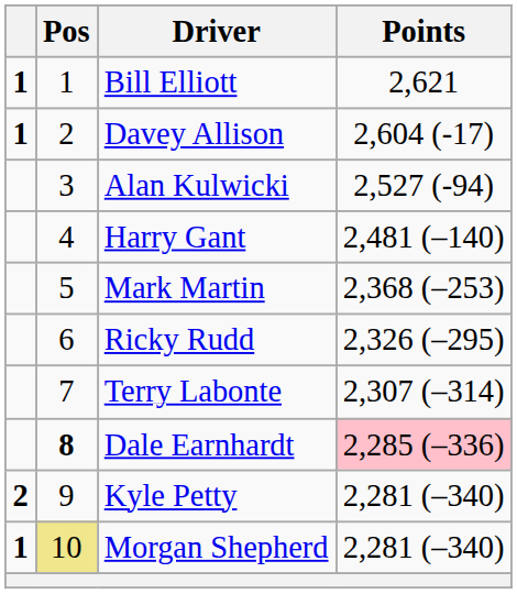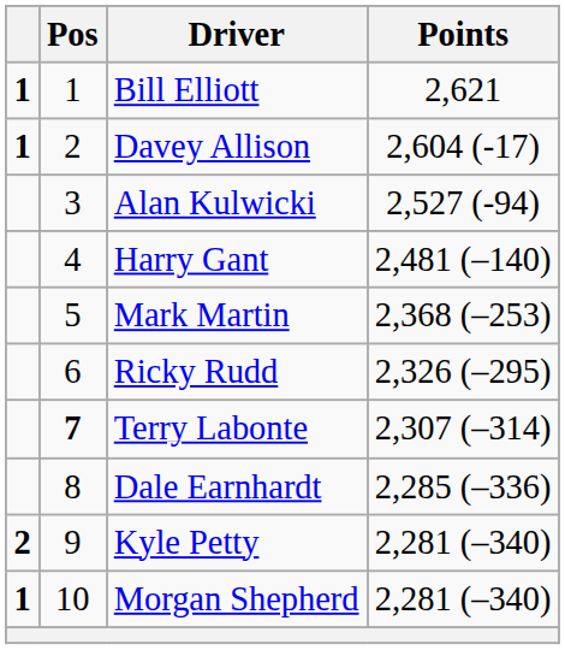 <table class="wikitable" style="font-size: 95%;">
 <tr>
 <th></th>
 <th>Pos</th>
 <th>Driver</th>
 <th>Points</th>
 </tr>
 <tr>
 <td align="left"> <strong>1</strong></td>
 <td style="text-align:center;">1</td>
 <td><a href='#'>Bill Elliott</a></td>
 <td style="text-align:center;">2,621</td>
 </tr>
 <tr>
 <td align="left"> <strong>1</strong></td>
 <td style="text-align:center;">2</td>
 <td><a href='#'>Davey Allison</a></td>
 <td style="text-align:center;">2,604 (-17)</td>
 </tr>
 <tr>
 <td align="left"></td>
 <td style="text-align:center;">3</td>
 <td><a href='#'>Alan Kulwicki</a></td>
 <td style="text-align:center;">2,527 (-94)</td>
 </tr>
 <tr>
 <td align="left"></td>
 <td style="text-align:center;">4</td>
 <td><a href='#'>Harry Gant</a></td>
 <td style="text-align:center;">2,481 (–140)</td>
 </tr>
 <tr>
 <td align="left"></td>
 <td style="text-align:center;">5</td>
 <td><a href='#'>Mark Martin</a></td>
 <td style="text-align:center;">2,368 (–253)</td>
 </tr>
 <tr>
 <td align="left"></td>
 <td style="text-align:center;">6</td>
 <td><a href='#'>Ricky Rudd</a></td>
 <td style="text-align:center;">2,326 (–295)</td>
 </tr>
 <tr>
 <td align="left"></td>
-<td style="text-align:center;">7</td>
+<td style="text-align:center;"><strong>7</strong></td>
 <td><a href='#'>Terry Labonte</a></td>
 <td style="text-align:center;">2,307 (–314)</td>
 </tr>
 <tr>
 <td align="left"></td>
-<td style="text-align:center;"><strong>8</strong></td>
+<td style="text-align:center;">8</td>
 <td><a href='#'>Dale Earnhardt</a></td>
-<td style="background: pink; text-align:center;">2,285 (–336)</td>
+<td style="text-align:center;">2,285 (–336)</td>
 </tr>
 <tr>
 <td align="left"> <strong>2</strong></td>
 <td style="text-align:center;">9</td>
 <td><a href='#'>Kyle Petty</a></td>
 <td style="text-align:center;">2,281 (–340)</td>
 </tr>
 <tr>
 <td align="left"> <strong>1</strong></td>
-<td style="background: khaki; text-align:center;">10</td>
+<td style="text-align:center;">10</td>
 <td><a href='#'>Morgan Shepherd</a></td>
 <td style="text-align:center;">2,281 (–340)</td>
 </tr>
 <tr class="sortbottom">
 <th colspan="9"></th>
 </tr>
 </table>
